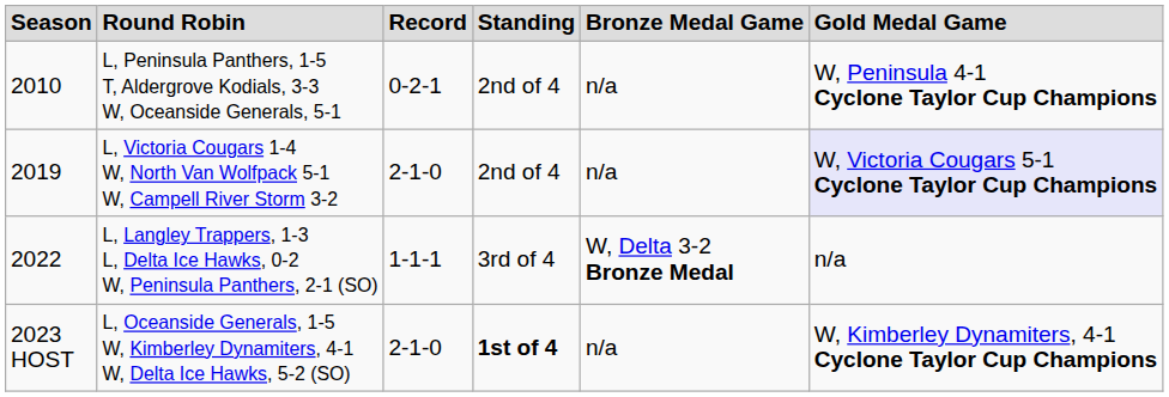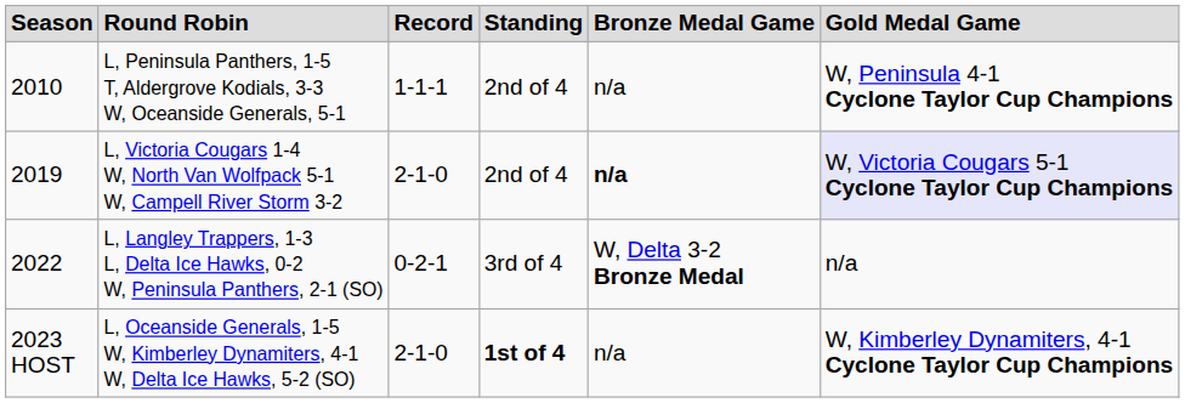 <table class="wikitable">
 <tr style="font-weight:bold; background-color:#dddddd;">
 <td>Season</td>
 <td>Round Robin</td>
 <td>Record</td>
 <td>Standing</td>
 <td>Bronze Medal Game</td>
 <td>Gold Medal Game</td>
 </tr>
 <tr>
 <td>2010</td>
 <td><small> L, Peninsula Panthers, 1-5<br>T, Aldergrove Kodials, 3-3<br>W, Oceanside Generals, 5-1</small></td>
-<td>0-2-1</td>
+<td>1-1-1</td>
 <td>2nd of 4</td>
 <td>n/a</td>
 <td>W, <a href='#'>Peninsula</a> 4-1<br><strong>Cyclone Taylor Cup Champions</strong></td>
 </tr>
 <tr>
 <td>2019</td>
 <td><small> L, <a href='#'>Victoria Cougars</a> 1-4<br>W, <a href='#'>North Van Wolfpack</a> 5-1<br>W, <a href='#'>Campell River Storm</a> 3-2</small></td>
 <td>2-1-0</td>
 <td>2nd of 4</td>
-<td>n/a</td>
+<td><strong>n/a</strong></td>
 <td style="background: lavender;">W, <a href='#'>Victoria Cougars</a>  5-1<br><strong>Cyclone Taylor Cup Champions</strong></td>
 </tr>
 <tr>
 <td>2022</td>
 <td><small> L, <a href='#'>Langley Trappers</a>, 1-3<br>L, <a href='#'>Delta Ice Hawks</a>, 0-2<br>W, <a href='#'>Peninsula Panthers</a>, 2-1 (SO)</small></td>
-<td>1-1-1</td>
+<td>0-2-1</td>
 <td>3rd of 4</td>
 <td>W, <a href='#'>Delta</a> 3-2<br><strong>Bronze Medal</strong></td>
 <td>n/a</td>
 </tr>
 <tr>
 <td>2023 <br>HOST</td>
 <td><small> L, <a href='#'>Oceanside Generals</a>, 1-5<br>W, <a href='#'>Kimberley Dynamiters</a>, 4-1<br>W, <a href='#'>Delta Ice Hawks</a>, 5-2 (SO)</small></td>
 <td>2-1-0</td>
 <td><strong>1st of 4</strong></td>
 <td>n/a</td>
 <td>W, <a href='#'>Kimberley Dynamiters</a>, 4-1 <br><strong>Cyclone Taylor Cup Champions</strong></td>
 </tr>
 </table>
